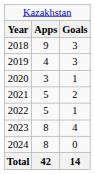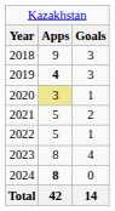 <table class="wikitable" style="text-align:center">
 <tr>
 <td colspan=4><a href='#'>Kazakhstan</a></td>
 </tr>
 <tr>
 <th>Year</th>
 <th>Apps</th>
 <th>Goals</th>
 </tr>
 <tr>
 <td>2018</td>
 <td>9</td>
 <td>3</td>
 </tr>
 <tr>
 <td>2019</td>
-<td>4</td>
+<td><strong>4</strong></td>
 <td>3</td>
 </tr>
 <tr>
 <td>2020</td>
-<td>3</td>
+<td style="background: khaki;">3</td>
 <td>1</td>
 </tr>
 <tr>
 <td>2021</td>
 <td>5</td>
 <td>2</td>
 </tr>
 <tr>
 <td>2022</td>
 <td>5</td>
 <td>1</td>
 </tr>
 <tr>
 <td>2023</td>
 <td>8</td>
 <td>4</td>
 </tr>
 <tr>
 <td>2024</td>
-<td>8</td>
+<td><strong>8</strong></td>
 <td>0</td>
 </tr>
 <tr>
 <th>Total</th>
 <th>42</th>
 <th>14</th>
 </tr>
 </table>
